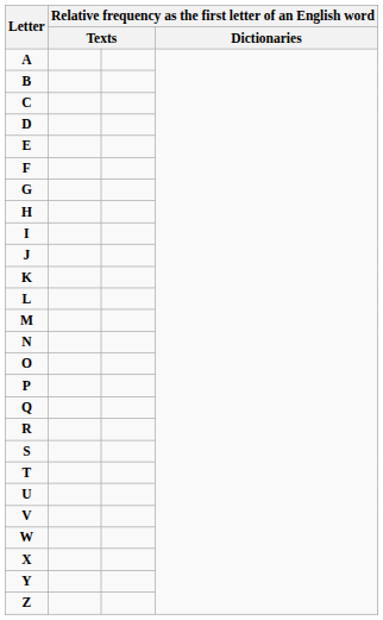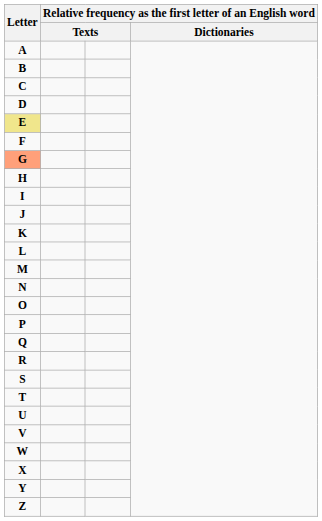 <table class="wikitable sortable floatright">
 <tr>
 <th rowspan="2">Letter</th>
 <th colspan="4">Relative frequency as the first letter of an English word</th>
 </tr>
 <tr>
 <th colspan="2" data-sort-type=number>Texts</th>
 <th colspan="2" data-sort-type=number>Dictionaries</th>
 </tr>
 <tr>
 <td align="center"><strong>A</strong></td>
 <td align="right"></td>
 <td align="right"></td>
 </tr>
 <tr>
 <td align="center"><strong>B</strong></td>
 <td align="right"></td>
 <td align="right"></td>
 </tr>
 <tr>
 <td align="center"><strong>C</strong></td>
 <td align="right"></td>
 <td align="right"></td>
 </tr>
 <tr>
 <td align="center"><strong>D</strong></td>
 <td align="right"></td>
 <td align="right"></td>
 </tr>
 <tr>
-<td align="center"><strong>E</strong></td>
+<td align="center" style="background: khaki;"><strong>E</strong></td>
 <td align="right"></td>
 <td align="right"></td>
 </tr>
 <tr>
 <td align="center"><strong>F</strong></td>
 <td align="right"></td>
 <td align="right"></td>
 </tr>
 <tr>
-<td align="center"><strong>G</strong></td>
+<td align="center" style="background: lightsalmon;"><strong>G</strong></td>
 <td align="right"></td>
 <td align="right"></td>
 </tr>
 <tr>
 <td align="center"><strong>H</strong></td>
 <td align="right"></td>
 <td align="right"></td>
 </tr>
 <tr>
 <td align="center"><strong>I</strong></td>
 <td align="right"></td>
 <td align="right"></td>
 </tr>
 <tr>
 <td align="center"><strong>J</strong></td>
 <td align="right"></td>
 <td align="right"></td>
 </tr>
 <tr>
 <td align="center"><strong>K</strong></td>
 <td align="right"></td>
 <td align="right"></td>
 </tr>
 <tr>
 <td align="center"><strong>L</strong></td>
 <td align="right"></td>
 <td align="right"></td>
 </tr>
 <tr>
 <td align="center"><strong>M</strong></td>
 <td align="right"></td>
 <td align="right"></td>
 </tr>
 <tr>
 <td align="center"><strong>N</strong></td>
 <td align="right"></td>
 <td align="right"></td>
 </tr>
 <tr>
 <td align="center"><strong>O</strong></td>
 <td align="right"></td>
 <td align="right"></td>
 </tr>
 <tr>
 <td align="center"><strong>P</strong></td>
 <td align="right"></td>
 <td align="right"></td>
 </tr>
 <tr>
 <td align="center"><strong>Q</strong></td>
 <td align="right"></td>
 <td align="right"></td>
 </tr>
 <tr>
 <td align="center"><strong>R</strong></td>
 <td align="right"></td>
 <td align="right"></td>
 </tr>
 <tr>
 <td align="center"><strong>S</strong></td>
 <td align="right"></td>
 <td align="right"></td>
 </tr>
 <tr>
 <td align="center"><strong>T</strong></td>
 <td align="right"></td>
 <td align="right"></td>
 </tr>
 <tr>
 <td align="center"><strong>U</strong></td>
 <td align="right"></td>
 <td align="right"></td>
 </tr>
 <tr>
 <td align="center"><strong>V</strong></td>
 <td align="right"></td>
 <td align="right"></td>
 </tr>
 <tr>
 <td align="center"><strong>W</strong></td>
 <td align="right"></td>
 <td align="right"></td>
 </tr>
 <tr>
 <td align="center"><strong>X</strong></td>
 <td align="right"></td>
 <td align="right"></td>
 </tr>
 <tr>
 <td align="center"><strong>Y</strong></td>
 <td align="right"></td>
 <td align="right"></td>
 </tr>
 <tr>
 <td align="center"><strong>Z</strong></td>
 <td align="right"></td>
 <td align="right"></td>
 </tr>
 </table>
